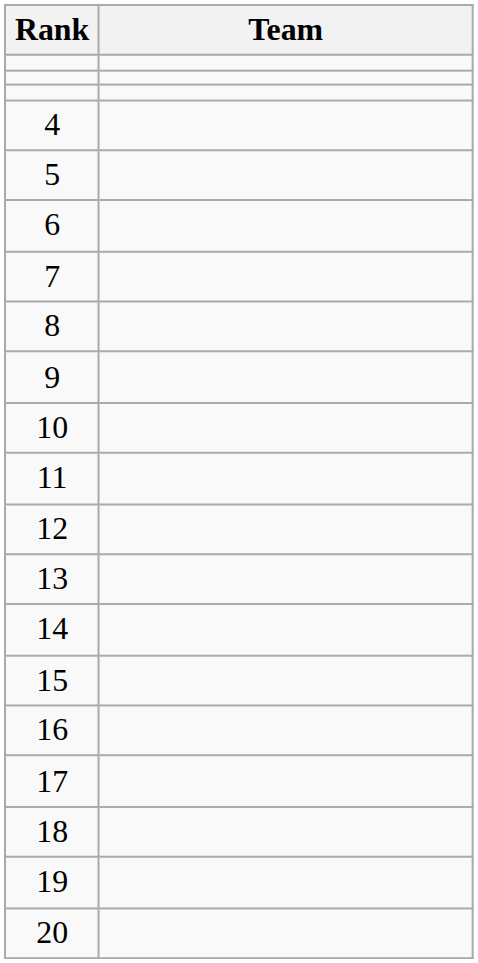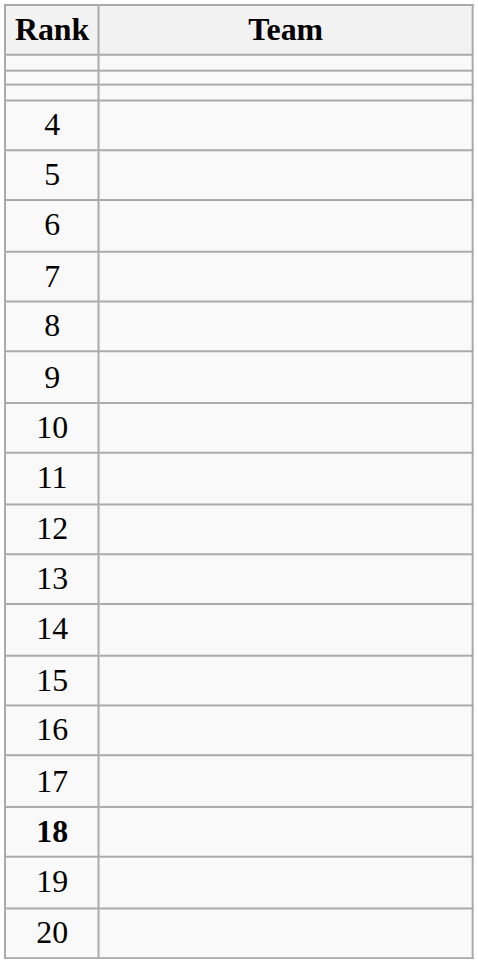 <table class="wikitable" style="text-align:center;">
 <tr>
 <th width=40>Rank</th>
 <th width=180>Team</th>
 </tr>
 <tr>
 <td></td>
 <td align=left></td>
 </tr>
 <tr>
 <td></td>
 <td align=left></td>
 </tr>
 <tr>
 <td></td>
 <td align=left></td>
 </tr>
 <tr>
 <td>4</td>
 <td align=left></td>
 </tr>
 <tr>
 <td>5</td>
 <td align=left></td>
 </tr>
 <tr>
 <td>6</td>
 <td align=left></td>
 </tr>
 <tr>
 <td>7</td>
 <td align=left></td>
 </tr>
 <tr>
 <td>8</td>
 <td align=left></td>
 </tr>
 <tr>
 <td>9</td>
 <td align=left></td>
 </tr>
 <tr>
 <td>10</td>
 <td align=left></td>
 </tr>
 <tr>
 <td>11</td>
 <td align=left></td>
 </tr>
 <tr>
 <td>12</td>
 <td align=left></td>
 </tr>
 <tr>
 <td>13</td>
 <td align=left></td>
 </tr>
 <tr>
 <td>14</td>
 <td align=left></td>
 </tr>
 <tr>
 <td>15</td>
 <td align=left></td>
 </tr>
 <tr>
 <td>16</td>
 <td align=left></td>
 </tr>
 <tr>
 <td>17</td>
 <td align=left></td>
 </tr>
 <tr>
-<td>18</td>
+<td><strong>18</strong></td>
 <td align=left></td>
 </tr>
 <tr>
 <td>19</td>
 <td align=left></td>
 </tr>
 <tr>
 <td>20</td>
 <td align=left></td>
 </tr>
 </table>
